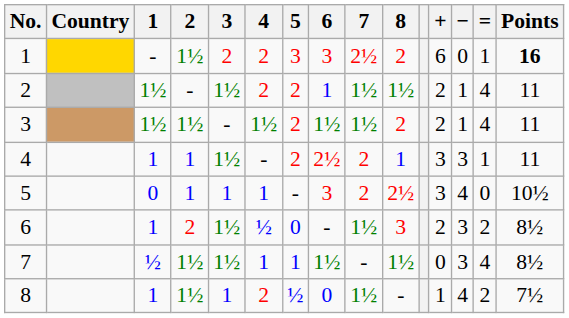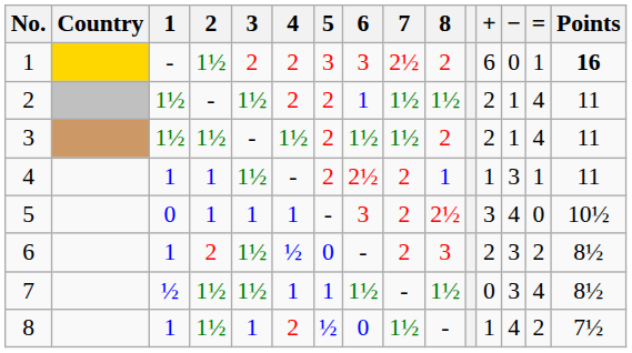 <table class="wikitable" style="text-align:center">
 <tr>
 <th>No.</th>
 <th>Country</th>
 <th>1</th>
 <th>2</th>
 <th>3</th>
 <th>4</th>
 <th>5</th>
 <th>6</th>
 <th>7</th>
 <th>8</th>
 <th></th>
 <th>+</th>
 <th>−</th>
 <th>=</th>
 <th>Points</th>
 </tr>
 <tr>
 <td>1</td>
 <td align=left bgcolor="gold"></td>
 <td>-</td>
 <td style="color:green;">1½</td>
 <td style="color:red;">2</td>
 <td style="color:red;">2</td>
 <td style="color:red;">3</td>
 <td style="color:red;">3</td>
 <td style="color:red;">2½</td>
 <td style="color:red;">2</td>
 <th></th>
 <td>6</td>
 <td>0</td>
 <td>1</td>
 <td><strong>16</strong></td>
 </tr>
 <tr>
 <td>2</td>
 <td align=left bgcolor="silver"></td>
 <td style="color:green;">1½</td>
 <td>-</td>
 <td style="color:green;">1½</td>
 <td style="color:red;">2</td>
 <td style="color:red;">2</td>
 <td style="color:blue;">1</td>
 <td style="color:green;">1½</td>
 <td style="color:green;">1½</td>
 <th></th>
 <td>2</td>
 <td>1</td>
 <td>4</td>
 <td>11</td>
 </tr>
 <tr>
 <td>3</td>
 <td align=left bgcolor="CC9966"></td>
 <td style="color:green;">1½</td>
 <td style="color:green;">1½</td>
 <td>-</td>
 <td style="color:green;">1½</td>
 <td style="color:red;">2</td>
 <td style="color:green;">1½</td>
 <td style="color:green;">1½</td>
 <td style="color:red;">2</td>
 <th></th>
 <td>2</td>
 <td>1</td>
 <td>4</td>
 <td>11</td>
 </tr>
 <tr>
 <td>4</td>
 <td style="text-align: left"></td>
 <td style="color:blue;">1</td>
 <td style="color:blue;">1</td>
 <td style="color:green;">1½</td>
 <td>-</td>
 <td style="color:red;">2</td>
 <td style="color:red;">2½</td>
 <td style="color:red;">2</td>
 <td style="color:blue;">1</td>
 <th></th>
-<td>3</td>
+<td>1</td>
 <td>3</td>
 <td>1</td>
 <td>11</td>
 </tr>
 <tr>
 <td>5</td>
 <td style="text-align: left"></td>
 <td style="color:blue;">0</td>
 <td style="color:blue;">1</td>
 <td style="color:blue;">1</td>
 <td style="color:blue;">1</td>
 <td>-</td>
 <td style="color:red;">3</td>
 <td style="color:red;">2</td>
 <td style="color:red;">2½</td>
 <th></th>
 <td>3</td>
 <td>4</td>
 <td>0</td>
 <td>10½</td>
 </tr>
 <tr>
 <td>6</td>
 <td style="text-align: left"></td>
 <td style="color:blue;">1</td>
 <td style="color:red;">2</td>
 <td style="color:green;">1½</td>
 <td style="color:blue;">½</td>
 <td style="color:blue;">0</td>
 <td>-</td>
-<td style="color:green;">1½</td>
+<td style="color:red;">2</td>
 <td style="color:red;">3</td>
 <th></th>
 <td>2</td>
 <td>3</td>
 <td>2</td>
 <td>8½</td>
 </tr>
 <tr>
 <td>7</td>
 <td style="text-align: left"></td>
 <td style="color:blue;">½</td>
 <td style="color:green;">1½</td>
 <td style="color:green;">1½</td>
 <td style="color:blue;">1</td>
 <td style="color:blue;">1</td>
 <td style="color:green;">1½</td>
 <td>-</td>
 <td style="color:green;">1½</td>
 <th></th>
 <td>0</td>
 <td>3</td>
 <td>4</td>
 <td>8½</td>
 </tr>
 <tr>
 <td>8</td>
 <td style="text-align: left"></td>
 <td style="color:blue;">1</td>
 <td style="color:green;">1½</td>
 <td style="color:blue;">1</td>
 <td style="color:red;">2</td>
 <td style="color:blue;">½</td>
 <td style="color:blue;">0</td>
 <td style="color:green;">1½</td>
 <td>-</td>
 <th></th>
 <td>1</td>
 <td>4</td>
 <td>2</td>
 <td>7½</td>
 </tr>
 </table>
